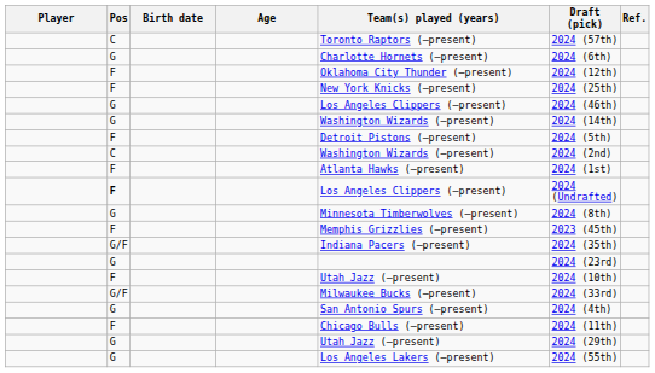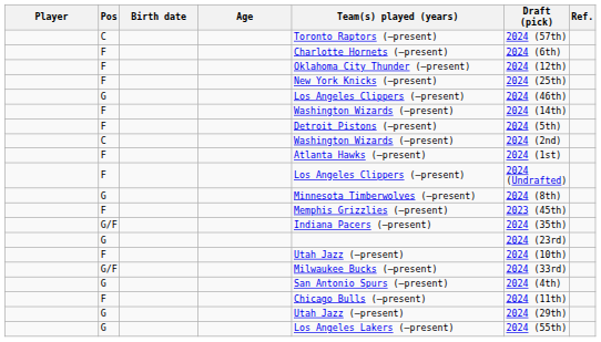 <table class="wikitable sortable" style="font-size:95%">
 <tr>
 <th width=120px>Player</th>
 <th width=20px>Pos</th>
 <th width=100px>Birth date</th>
 <th width=120px>Age</th>
 <th class=unsortable width=280px>Team(s) played (years)</th>
 <th width=80px>Draft (pick)</th>
 <th width=15px>Ref.</th>
 </tr>
 <tr>
 <td></td>
 <td>C</td>
 <td></td>
 <td></td>
 <td><a href='#'>Toronto Raptors</a> (–present)</td>
 <td><a href='#'>2024</a> (57th)</td>
 <td align="center"></td>
 </tr>
 <tr>
 <td></td>
-<td>G</td>
+<td>F</td>
 <td></td>
 <td></td>
 <td><a href='#'>Charlotte Hornets</a> (–present)</td>
 <td><a href='#'>2024</a> (6th)</td>
 <td align="center"></td>
 </tr>
 <tr>
 <td></td>
 <td>F</td>
 <td></td>
 <td></td>
 <td><a href='#'>Oklahoma City Thunder</a> (–present)</td>
 <td><a href='#'>2024</a> (12th)</td>
 <td align="center"></td>
 </tr>
 <tr>
 <td></td>
 <td>F</td>
 <td></td>
 <td></td>
 <td><a href='#'>New York Knicks</a> (–present)</td>
 <td><a href='#'>2024</a> (25th)</td>
 <td align="center"></td>
 </tr>
 <tr>
 <td></td>
 <td>G</td>
 <td></td>
 <td></td>
 <td><a href='#'>Los Angeles Clippers</a> (–present)</td>
 <td><a href='#'>2024</a> (46th)</td>
 <td align="center"></td>
 </tr>
 <tr>
 <td></td>
-<td>G</td>
+<td>F</td>
 <td></td>
 <td></td>
 <td><a href='#'>Washington Wizards</a> (–present)</td>
 <td><a href='#'>2024</a> (14th)</td>
 <td align="center"></td>
 </tr>
 <tr>
 <td></td>
 <td>F</td>
 <td></td>
 <td></td>
 <td><a href='#'>Detroit Pistons</a> (–present)</td>
 <td><a href='#'>2024</a> (5th)</td>
 <td align="center"></td>
 </tr>
 <tr>
 <td></td>
 <td>C</td>
 <td></td>
 <td></td>
 <td><a href='#'>Washington Wizards</a> (–present)</td>
 <td><a href='#'>2024</a> (2nd)</td>
 <td align="center"></td>
 </tr>
 <tr>
 <td></td>
 <td>F</td>
 <td></td>
 <td></td>
 <td><a href='#'>Atlanta Hawks</a> (–present)</td>
 <td><a href='#'>2024</a> (1st)</td>
 <td align="center"></td>
 </tr>
 <tr>
 <td></td>
-<td><strong>F</strong></td>
+<td>F</td>
 <td></td>
 <td></td>
 <td><a href='#'>Los Angeles Clippers</a> (–present)</td>
 <td><a href='#'>2024</a> (<a href='#'>Undrafted</a>)</td>
 <td align="center"></td>
 </tr>
 <tr>
 <td></td>
 <td>G</td>
 <td></td>
 <td></td>
 <td><a href='#'>Minnesota Timberwolves</a> (–present)</td>
 <td><a href='#'>2024</a> (8th)</td>
 <td align="center"></td>
 </tr>
 <tr>
 <td></td>
 <td>F</td>
 <td></td>
 <td></td>
 <td><a href='#'>Memphis Grizzlies</a> (–present)</td>
 <td><a href='#'>2023</a> (45th)</td>
 <td align="center"></td>
 </tr>
 <tr>
 <td></td>
 <td>G/F</td>
 <td></td>
 <td></td>
 <td><a href='#'>Indiana Pacers</a> (–present)</td>
 <td><a href='#'>2024</a> (35th)</td>
 <td align="center"></td>
 </tr>
 <tr>
 <td></td>
 <td>G</td>
 <td></td>
 <td></td>
 <td></td>
 <td><a href='#'>2024</a> (23rd)</td>
 <td align="center"></td>
 </tr>
 <tr>
 <td></td>
 <td>F</td>
 <td></td>
 <td></td>
 <td><a href='#'>Utah Jazz</a> (–present)</td>
 <td><a href='#'>2024</a> (10th)</td>
 <td align="center"></td>
 </tr>
 <tr>
 <td></td>
 <td>G/F</td>
 <td></td>
 <td></td>
 <td><a href='#'>Milwaukee Bucks</a> (–present)</td>
 <td><a href='#'>2024</a> (33rd)</td>
 <td align="center"></td>
 </tr>
 <tr>
 <td></td>
 <td>G</td>
 <td></td>
 <td></td>
 <td><a href='#'>San Antonio Spurs</a> (–present)</td>
 <td><a href='#'>2024</a> (4th)</td>
 <td align="center"></td>
 </tr>
 <tr>
 <td></td>
 <td>F</td>
 <td></td>
 <td></td>
 <td><a href='#'>Chicago Bulls</a> (–present)</td>
 <td><a href='#'>2024</a> (11th)</td>
 <td align="center"></td>
 </tr>
 <tr>
 <td></td>
 <td>G</td>
 <td></td>
 <td></td>
 <td><a href='#'>Utah Jazz</a> (–present)</td>
 <td><a href='#'>2024</a> (29th)</td>
 <td align="center"></td>
 </tr>
 <tr>
 <td></td>
 <td>G</td>
 <td></td>
 <td></td>
 <td><a href='#'>Los Angeles Lakers</a> (–present)</td>
 <td><a href='#'>2024</a> (55th)</td>
 <td align="center"><br></td>
 </tr>
 </table>
